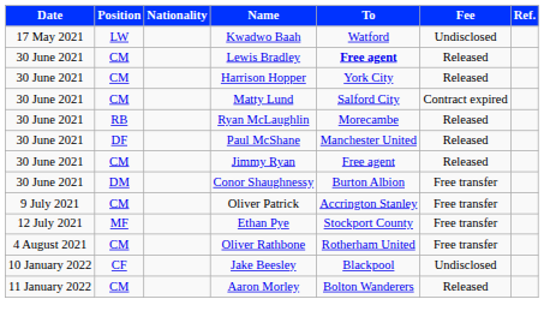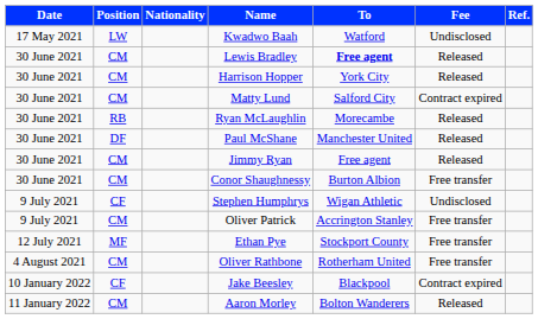 <table class="wikitable"  style="text-align:center; font-size:90%; ">
 <tr>
 <th style="background:#03f;color:#fff;">Date</th>
 <th style="background:#03f;color:#fff;">Position</th>
 <th style="background:#03f;color:#fff;">Nationality</th>
 <th style="background:#03f;color:#fff;">Name</th>
 <th style="background:#03f;color:#fff;">To</th>
 <th style="background:#03f;color:#fff;">Fee</th>
 <th style="background:#03f;color:#fff;">Ref.</th>
 </tr>
 <tr>
 <td>17 May 2021</td>
 <td><a href='#'>LW</a></td>
 <td></td>
 <td><a href='#'>Kwadwo Baah</a></td>
 <td> <a href='#'>Watford</a></td>
 <td>Undisclosed</td>
 <td></td>
 </tr>
 <tr>
 <td>30 June 2021</td>
 <td><a href='#'>CM</a></td>
 <td></td>
 <td><a href='#'>Lewis Bradley</a></td>
 <td><strong> <a href='#'>Free agent</a></strong></td>
 <td>Released</td>
 <td></td>
 </tr>
 <tr>
 <td>30 June 2021</td>
 <td><a href='#'>CM</a></td>
 <td></td>
 <td><a href='#'>Harrison Hopper</a></td>
 <td> <a href='#'>York City</a></td>
 <td>Released</td>
 <td></td>
 </tr>
 <tr>
 <td>30 June 2021</td>
 <td><a href='#'>CM</a></td>
 <td></td>
 <td><a href='#'>Matty Lund</a></td>
 <td> <a href='#'>Salford City</a></td>
 <td>Contract expired</td>
 <td></td>
 </tr>
 <tr>
 <td>30 June 2021</td>
 <td><a href='#'>RB</a></td>
 <td></td>
 <td><a href='#'>Ryan McLaughlin</a></td>
 <td> <a href='#'>Morecambe</a></td>
 <td>Released</td>
 <td></td>
 </tr>
 <tr>
 <td>30 June 2021</td>
 <td><a href='#'>DF</a></td>
 <td></td>
 <td><a href='#'>Paul McShane</a></td>
 <td> <a href='#'>Manchester United</a></td>
 <td>Released</td>
 <td></td>
 </tr>
 <tr>
 <td>30 June 2021</td>
 <td><a href='#'>CM</a></td>
 <td></td>
 <td><a href='#'>Jimmy Ryan</a></td>
 <td> <a href='#'>Free agent</a></td>
 <td>Released</td>
 <td></td>
 </tr>
 <tr>
 <td>30 June 2021</td>
-<td><a href='#'>DM</a></td>
+<td><a href='#'>CM</a></td>
 <td></td>
 <td><a href='#'>Conor Shaughnessy</a></td>
 <td> <a href='#'>Burton Albion</a></td>
 <td>Free transfer</td>
+<td></td>
+</tr>
+<tr>
+<td>9 July 2021</td>
+<td><a href='#'>CF</a></td>
+<td></td>
+<td><a href='#'>Stephen Humphrys</a></td>
+<td> <a href='#'>Wigan Athletic</a></td>
+<td>Undisclosed</td>
 <td></td>
 </tr>
 <tr>
 <td>9 July 2021</td>
 <td><a href='#'>CM</a></td>
 <td></td>
 <td>Oliver Patrick</td>
 <td> <a href='#'>Accrington Stanley</a></td>
 <td>Free transfer</td>
 <td></td>
 </tr>
 <tr>
 <td>12 July 2021</td>
 <td><a href='#'>MF</a></td>
 <td></td>
 <td><a href='#'>Ethan Pye</a></td>
 <td> <a href='#'>Stockport County</a></td>
 <td>Free transfer</td>
 <td></td>
 </tr>
 <tr>
 <td>4 August 2021</td>
 <td><a href='#'>CM</a></td>
 <td></td>
 <td><a href='#'>Oliver Rathbone</a></td>
 <td> <a href='#'>Rotherham United</a></td>
 <td>Free transfer</td>
 <td></td>
 </tr>
 <tr>
 <td>10 January 2022</td>
 <td><a href='#'>CF</a></td>
 <td></td>
 <td><a href='#'>Jake Beesley</a></td>
 <td> <a href='#'>Blackpool</a></td>
-<td>Undisclosed</td>
+<td>Contract expired</td>
 <td></td>
 </tr>
 <tr>
 <td>11 January 2022</td>
 <td><a href='#'>CM</a></td>
 <td></td>
 <td><a href='#'>Aaron Morley</a></td>
 <td> <a href='#'>Bolton Wanderers</a></td>
 <td>Released</td>
 <td></td>
 </tr>
 </table>
